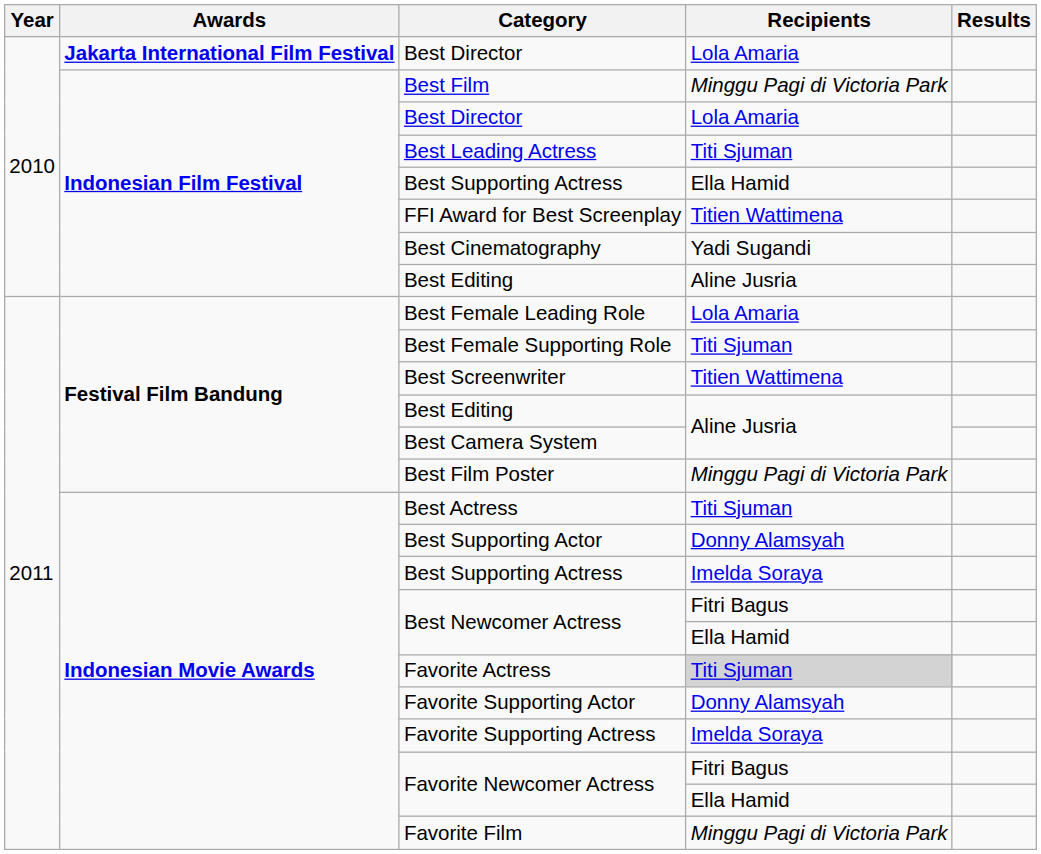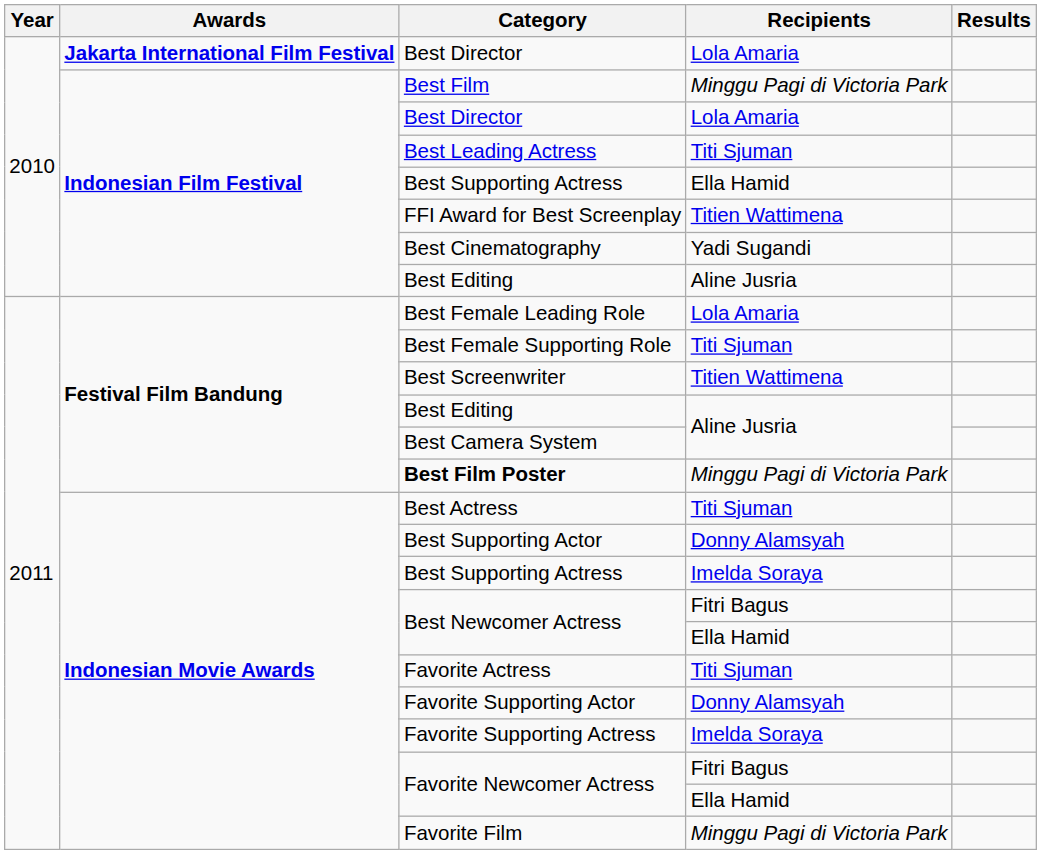 <table class="wikitable">
 <tr>
 <th>Year</th>
 <th>Awards</th>
 <th>Category</th>
 <th>Recipients</th>
 <th>Results</th>
 </tr>
 <tr>
 <td rowspan= "8">2010</td>
 <td><strong><a href='#'>Jakarta International Film Festival</a></strong></td>
 <td>Best Director</td>
 <td><a href='#'>Lola Amaria</a></td>
 <td></td>
 </tr>
 <tr>
 <td rowspan= "7"><strong><a href='#'>Indonesian Film Festival</a></strong></td>
 <td><a href='#'>Best Film</a></td>
 <td><em>Minggu Pagi di Victoria Park</em></td>
 <td></td>
 </tr>
 <tr>
 <td><a href='#'>Best Director</a></td>
 <td><a href='#'>Lola Amaria</a></td>
 <td></td>
 </tr>
 <tr>
 <td><a href='#'>Best Leading Actress</a></td>
 <td><a href='#'>Titi Sjuman</a></td>
 <td></td>
 </tr>
 <tr>
 <td>Best Supporting Actress</td>
 <td>Ella Hamid</td>
 <td></td>
 </tr>
 <tr>
 <td>FFI Award for Best Screenplay</td>
 <td><a href='#'>Titien Wattimena</a></td>
 <td></td>
 </tr>
 <tr>
 <td>Best Cinematography</td>
 <td>Yadi Sugandi</td>
 <td></td>
 </tr>
 <tr>
 <td>Best Editing</td>
 <td>Aline Jusria</td>
 <td></td>
 </tr>
 <tr>
 <td rowspan= "17">2011</td>
 <td rowspan= "6"><strong>Festival Film Bandung</strong></td>
 <td>Best Female Leading Role</td>
 <td><a href='#'>Lola Amaria</a></td>
 <td></td>
 </tr>
 <tr>
 <td>Best Female Supporting Role</td>
 <td><a href='#'>Titi Sjuman</a></td>
 <td></td>
 </tr>
 <tr>
 <td>Best Screenwriter</td>
 <td><a href='#'>Titien Wattimena</a></td>
 <td></td>
 </tr>
 <tr>
 <td>Best Editing</td>
 <td rowspan= "2">Aline Jusria</td>
 <td></td>
 </tr>
 <tr>
 <td>Best Camera System</td>
 <td></td>
 </tr>
 <tr>
-<td>Best Film Poster</td>
+<td><strong>Best Film Poster</strong></td>
 <td><em>Minggu Pagi di Victoria Park</em></td>
 <td></td>
 </tr>
 <tr>
 <td rowspan= "11"><strong><a href='#'>Indonesian Movie Awards</a></strong></td>
 <td>Best Actress</td>
 <td><a href='#'>Titi Sjuman</a></td>
 <td></td>
 </tr>
 <tr>
 <td>Best Supporting Actor</td>
 <td><a href='#'>Donny Alamsyah</a></td>
 <td></td>
 </tr>
 <tr>
 <td>Best Supporting Actress</td>
 <td><a href='#'>Imelda Soraya</a></td>
 <td></td>
 </tr>
 <tr>
 <td rowspan= "2">Best Newcomer Actress</td>
 <td>Fitri Bagus</td>
 <td></td>
 </tr>
 <tr>
 <td>Ella Hamid</td>
 <td></td>
 </tr>
 <tr>
 <td>Favorite Actress</td>
-<td style="background: lightgrey;"><a href='#'>Titi Sjuman</a></td>
+<td><a href='#'>Titi Sjuman</a></td>
 <td></td>
 </tr>
 <tr>
 <td>Favorite Supporting Actor</td>
 <td><a href='#'>Donny Alamsyah</a></td>
 <td></td>
 </tr>
 <tr>
 <td>Favorite Supporting Actress</td>
 <td><a href='#'>Imelda Soraya</a></td>
 <td></td>
 </tr>
 <tr>
 <td rowspan= "2">Favorite Newcomer Actress</td>
 <td>Fitri Bagus</td>
 <td></td>
 </tr>
 <tr>
 <td>Ella Hamid</td>
 <td></td>
 </tr>
 <tr>
 <td>Favorite Film</td>
 <td><em>Minggu Pagi di Victoria Park</em></td>
 <td></td>
 </tr>
 </table>
